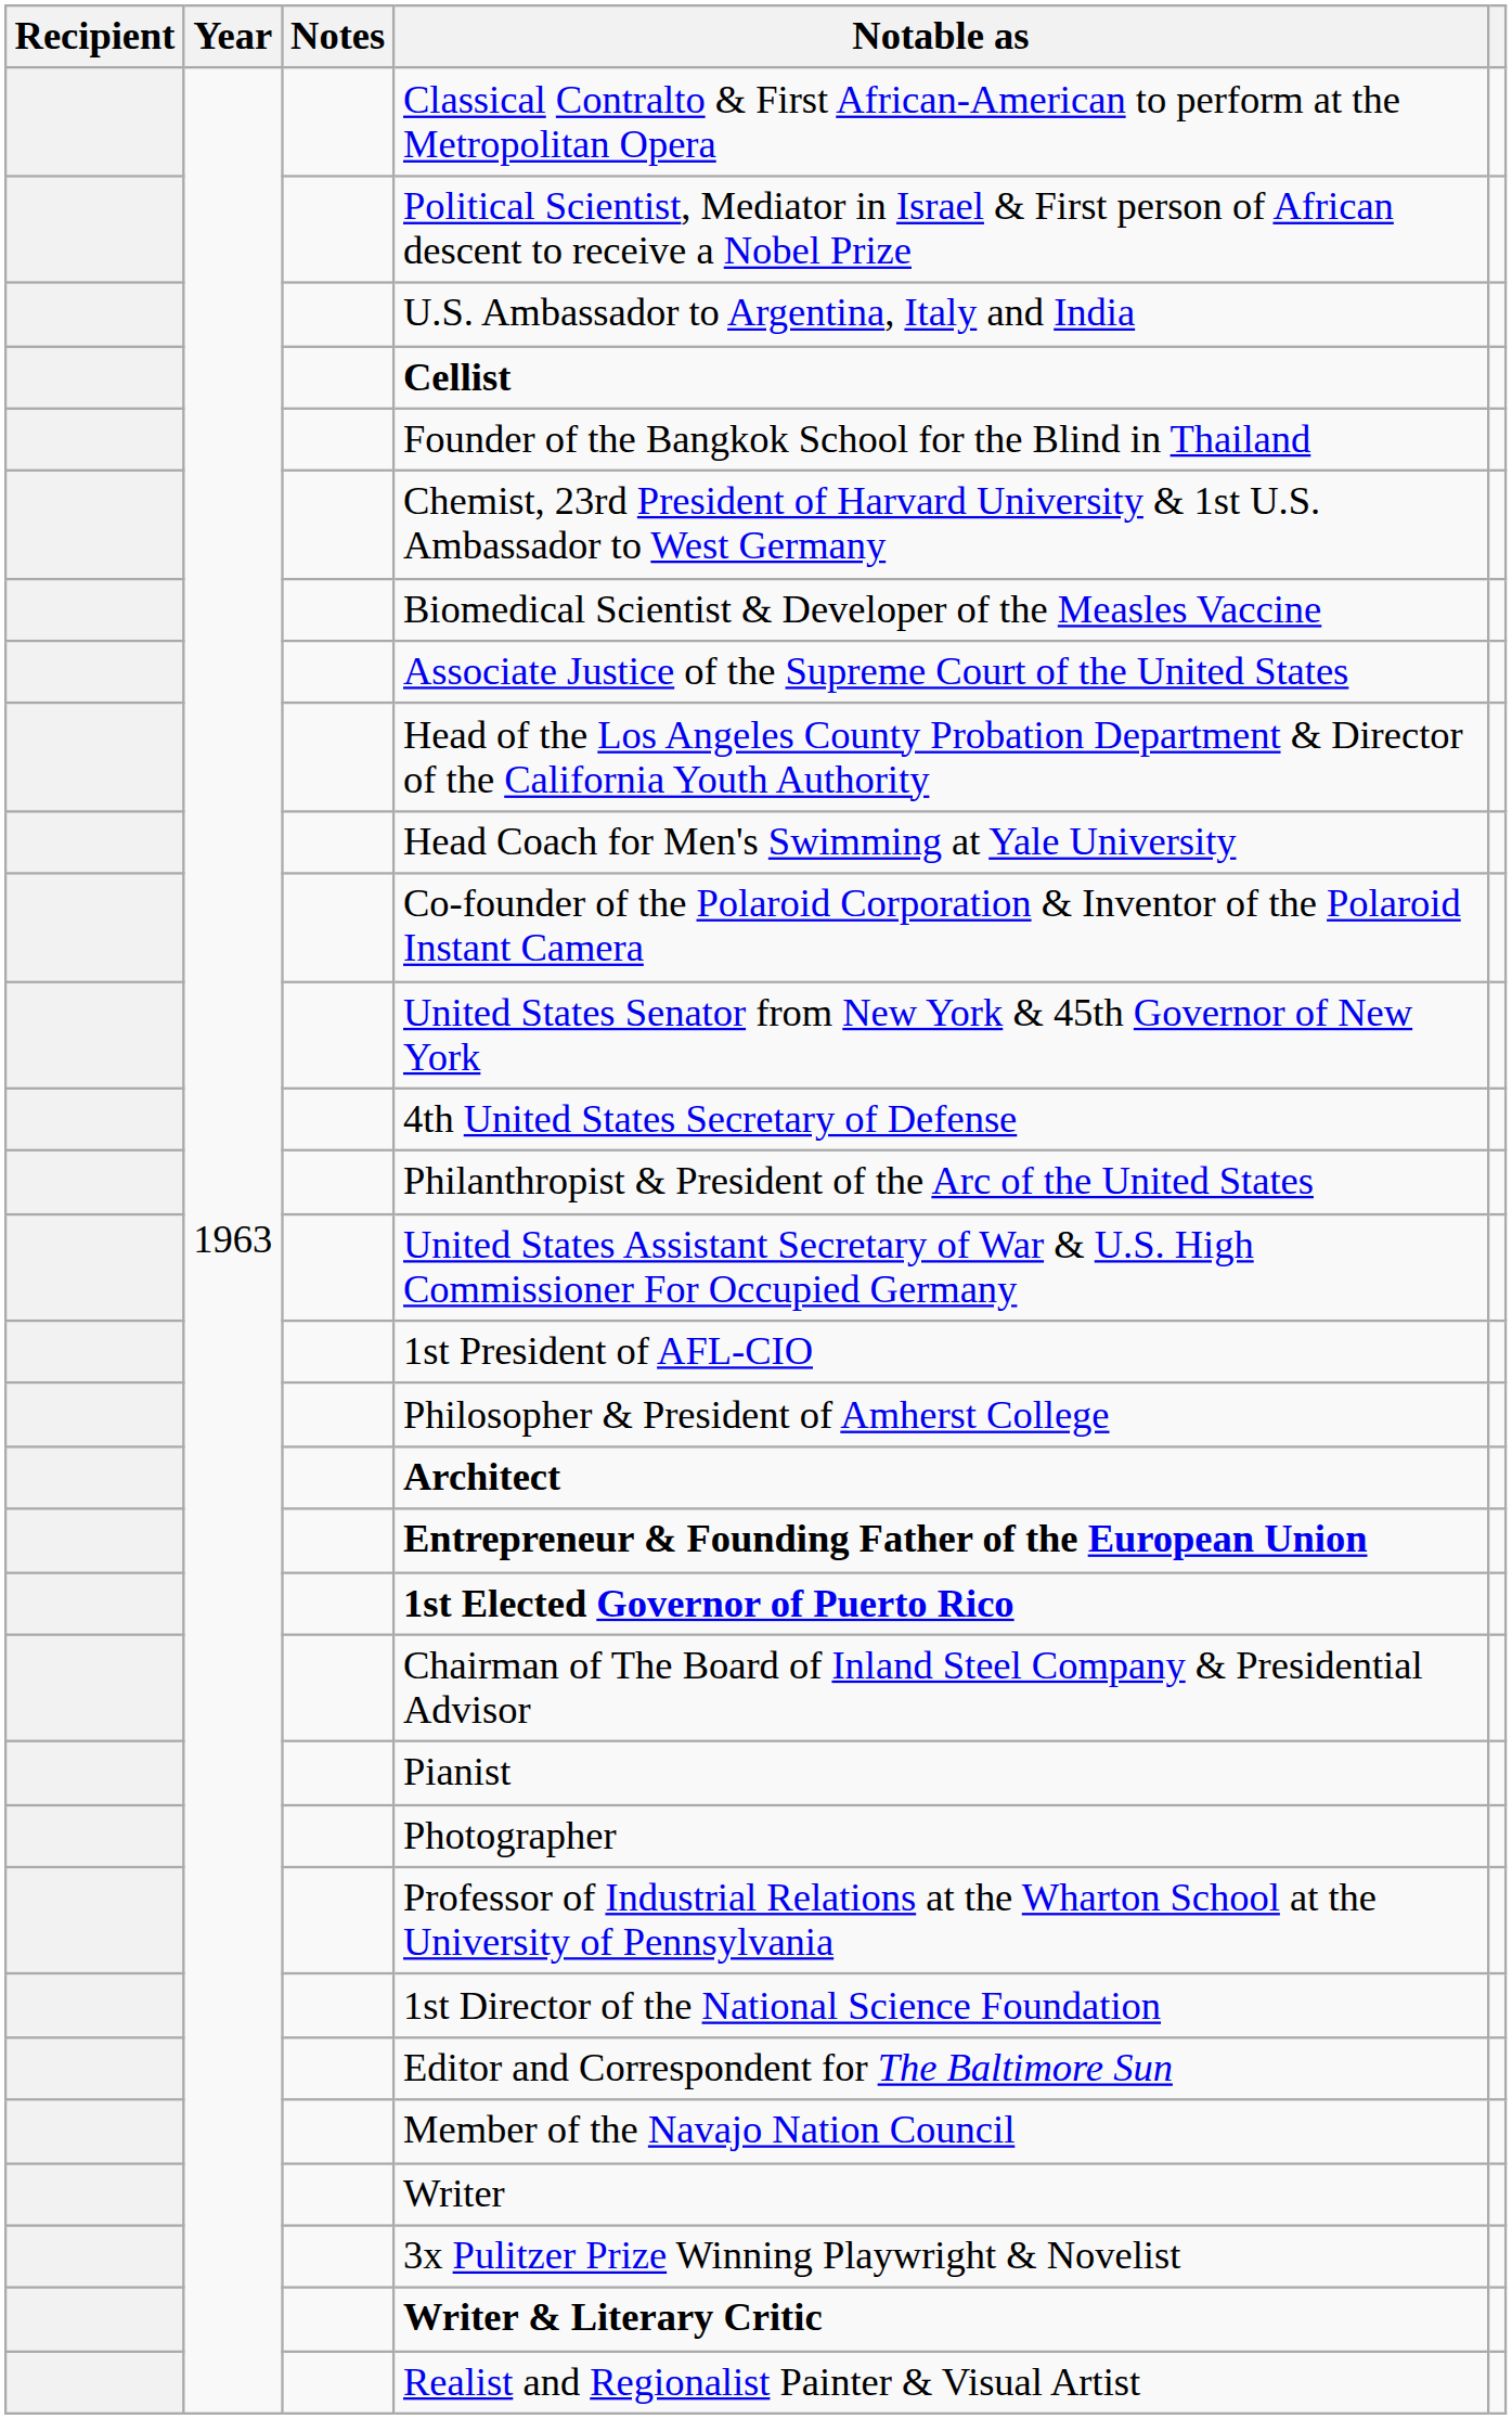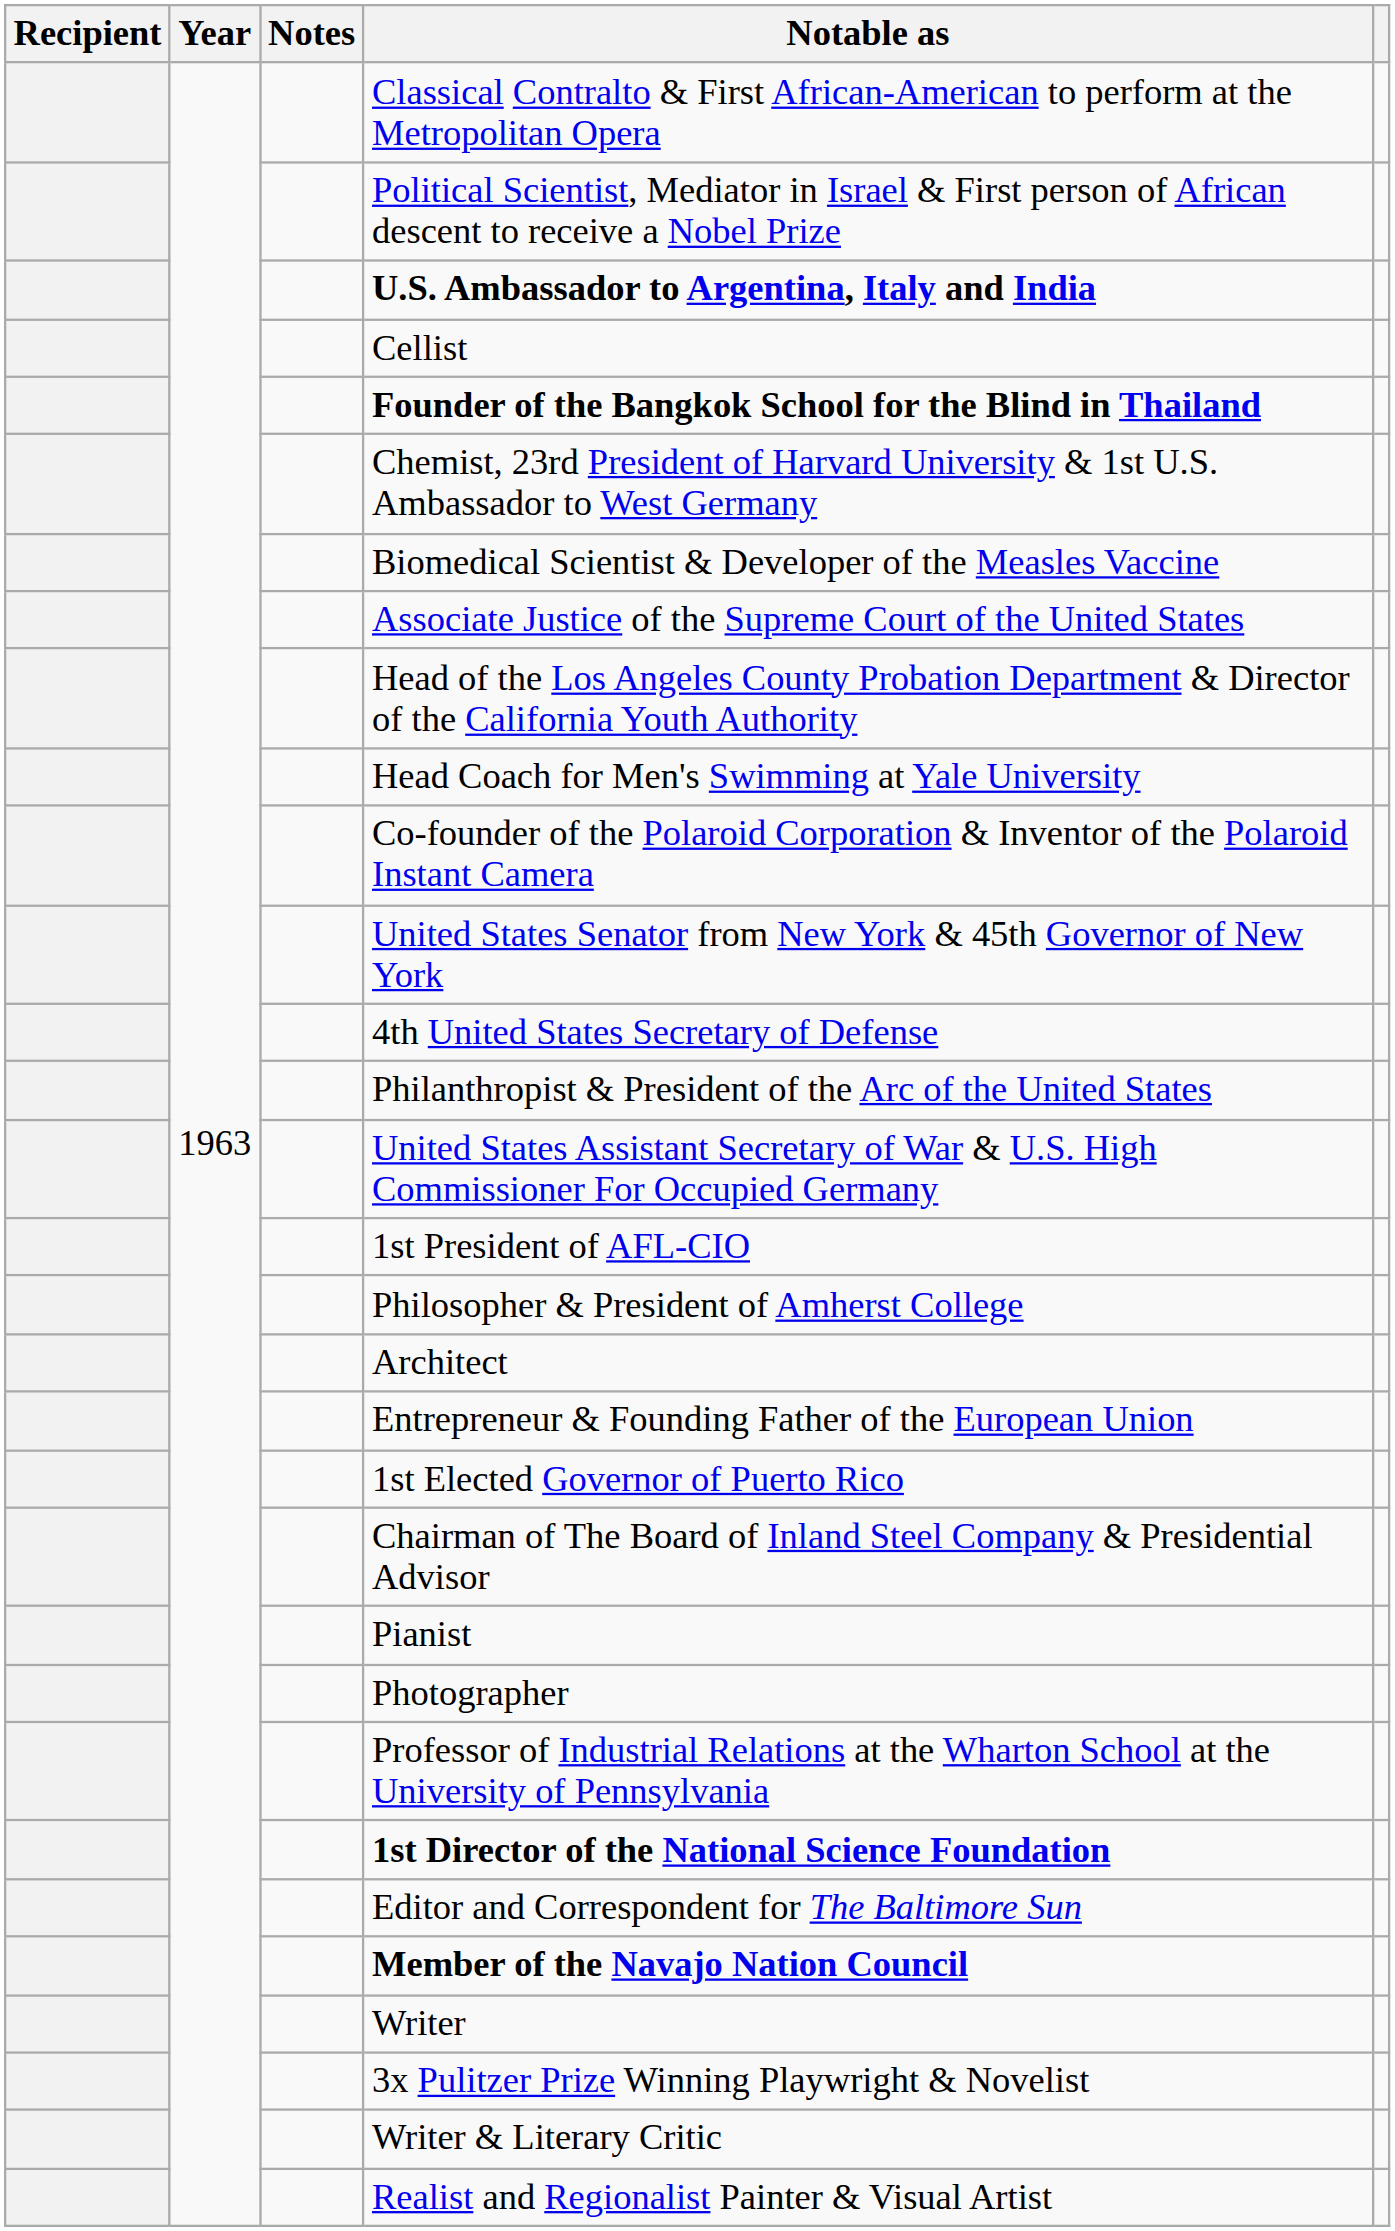 <table class="wikitable sortable plainrowheaders">
 <tr>
 <th scope="col">Recipient</th>
 <th scope="col">Year</th>
 <th scope="col">Notes</th>
 <th scope="col">Notable as</th>
 <th class="unsortable" scope="col"></th>
 </tr>
 <tr>
 <th scope="row"></th>
 <td rowspan="31">1963</td>
 <td></td>
 <td><a href='#'>Classical</a> <a href='#'>Contralto</a> & First <a href='#'>African-American</a> to perform at the <a href='#'>Metropolitan Opera</a></td>
 <td></td>
 </tr>
 <tr>
 <th scope="row"></th>
 <td></td>
 <td><a href='#'>Political Scientist</a>, Mediator in <a href='#'>Israel</a> & First person of <a href='#'>African</a> descent to receive a <a href='#'>Nobel Prize</a></td>
 <td></td>
 </tr>
 <tr>
 <th scope="row"></th>
 <td></td>
-<td>U.S. Ambassador to <a href='#'>Argentina</a>, <a href='#'>Italy</a> and <a href='#'>India</a></td>
+<td><strong>U.S. Ambassador to <a href='#'>Argentina</a>, <a href='#'>Italy</a> and <a href='#'>India</a></strong></td>
 <td></td>
 </tr>
 <tr>
 <th scope="row"></th>
 <td></td>
-<td><strong>Cellist</strong></td>
+<td>Cellist</td>
 <td></td>
 </tr>
 <tr>
 <th scope="row"></th>
 <td></td>
-<td>Founder of the Bangkok School for the Blind in <a href='#'>Thailand</a></td>
+<td><strong>Founder of the Bangkok School for the Blind in <a href='#'>Thailand</a></strong></td>
 <td></td>
 </tr>
 <tr>
 <th scope="row"></th>
 <td></td>
 <td>Chemist, 23rd <a href='#'>President of Harvard University</a> & 1st U.S. Ambassador to <a href='#'>West Germany</a></td>
 <td></td>
 </tr>
 <tr>
 <th scope="row"></th>
 <td></td>
 <td>Biomedical Scientist & Developer of the <a href='#'>Measles Vaccine</a></td>
 <td></td>
 </tr>
 <tr>
 <th scope="row"></th>
 <td></td>
 <td><a href='#'>Associate Justice</a> of the <a href='#'>Supreme Court of the United States</a></td>
 <td></td>
 </tr>
 <tr>
 <th scope="row"></th>
 <td></td>
 <td>Head of the <a href='#'>Los Angeles County Probation Department</a> & Director of the <a href='#'>California Youth Authority</a></td>
 <td></td>
 </tr>
 <tr>
 <th scope="row"></th>
 <td></td>
 <td>Head Coach for Men's <a href='#'>Swimming</a> at <a href='#'>Yale University</a></td>
 <td></td>
 </tr>
 <tr>
 <th scope="row"></th>
 <td></td>
 <td>Co-founder of the <a href='#'>Polaroid Corporation</a> & Inventor of the <a href='#'>Polaroid Instant Camera</a></td>
 <td></td>
 </tr>
 <tr>
 <th scope="row"></th>
 <td></td>
 <td><a href='#'>United States Senator</a> from <a href='#'>New York</a> & 45th <a href='#'>Governor of New York</a></td>
 <td></td>
 </tr>
 <tr>
 <th scope="row"></th>
 <td></td>
 <td>4th <a href='#'>United States Secretary of Defense</a></td>
 <td></td>
 </tr>
 <tr>
 <th scope="row"></th>
 <td></td>
 <td>Philanthropist & President of the <a href='#'>Arc of the United States</a></td>
 <td></td>
 </tr>
 <tr>
 <th scope="row"></th>
 <td></td>
 <td><a href='#'>United States Assistant Secretary of War</a> & <a href='#'>U.S. High Commissioner For Occupied Germany</a></td>
 <td></td>
 </tr>
 <tr>
 <th scope="row"></th>
 <td></td>
 <td>1st President of <a href='#'>AFL-CIO</a></td>
 <td></td>
 </tr>
 <tr>
 <th scope="row"></th>
 <td></td>
 <td>Philosopher & President of <a href='#'>Amherst College</a></td>
 <td></td>
 </tr>
 <tr>
 <th scope="row"></th>
 <td></td>
-<td><strong>Architect</strong></td>
+<td>Architect</td>
 <td></td>
 </tr>
 <tr>
 <th scope="row"></th>
 <td></td>
-<td><strong>Entrepreneur & Founding Father of the <a href='#'>European Union</a></strong></td>
+<td>Entrepreneur & Founding Father of the <a href='#'>European Union</a></td>
 <td></td>
 </tr>
 <tr>
 <th scope="row"></th>
 <td></td>
-<td><strong>1st Elected <a href='#'>Governor of Puerto Rico</a></strong></td>
+<td>1st Elected <a href='#'>Governor of Puerto Rico</a></td>
 <td></td>
 </tr>
 <tr>
 <th scope="row"></th>
 <td></td>
 <td>Chairman of The Board of <a href='#'>Inland Steel Company</a> & Presidential Advisor</td>
 <td></td>
 </tr>
 <tr>
 <th scope="row"></th>
 <td></td>
 <td>Pianist</td>
 <td></td>
 </tr>
 <tr>
 <th scope="row"></th>
 <td></td>
 <td>Photographer</td>
 <td></td>
 </tr>
 <tr>
 <th scope="row"></th>
 <td></td>
 <td>Professor of <a href='#'>Industrial Relations</a> at the <a href='#'>Wharton School</a> at the <a href='#'>University of Pennsylvania</a></td>
 <td></td>
 </tr>
 <tr>
 <th scope="row"></th>
 <td></td>
-<td>1st Director of the <a href='#'>National Science Foundation</a></td>
+<td><strong>1st Director of the <a href='#'>National Science Foundation</a></strong></td>
 <td></td>
 </tr>
 <tr>
 <th scope="row"></th>
 <td></td>
 <td>Editor and Correspondent for <em><a href='#'>The Baltimore Sun</a></em></td>
 <td></td>
 </tr>
 <tr>
 <th scope="row"></th>
 <td></td>
-<td>Member of the <a href='#'>Navajo Nation Council</a></td>
+<td><strong>Member of the <a href='#'>Navajo Nation Council</a></strong></td>
 <td></td>
 </tr>
 <tr>
 <th scope="row"></th>
 <td></td>
 <td>Writer</td>
 <td></td>
 </tr>
 <tr>
 <th scope="row"></th>
 <td></td>
 <td>3x <a href='#'>Pulitzer Prize</a> Winning Playwright & Novelist</td>
 <td></td>
 </tr>
 <tr>
 <th scope="row"></th>
 <td></td>
-<td><strong>Writer & Literary Critic</strong></td>
+<td>Writer & Literary Critic</td>
 <td></td>
 </tr>
 <tr>
 <th scope="row"></th>
 <td></td>
 <td><a href='#'>Realist</a> and <a href='#'>Regionalist</a> Painter & Visual Artist</td>
 <td></td>
 </tr>
 </table>
